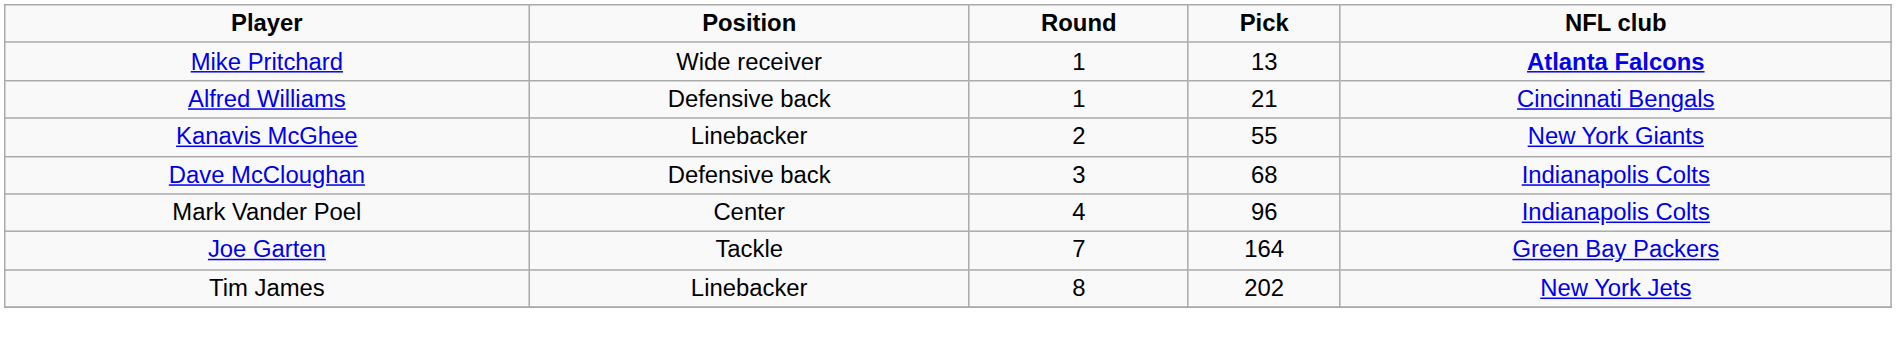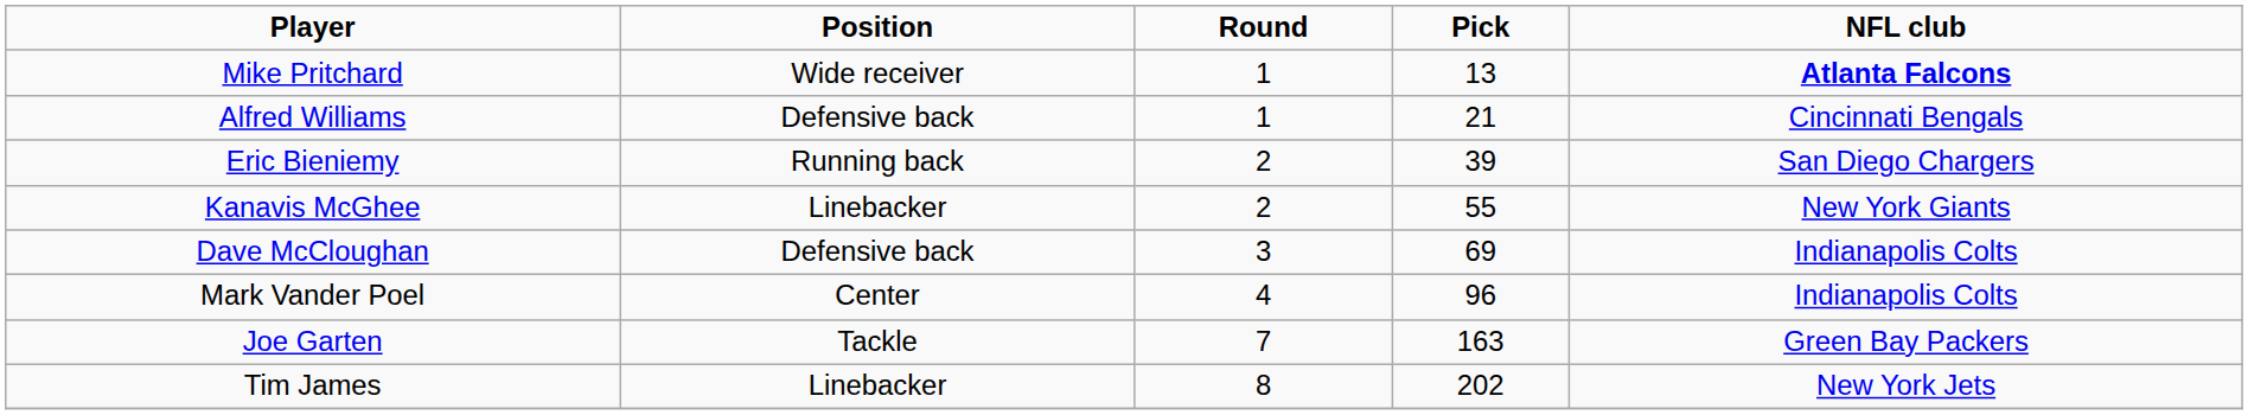 <table class="wikitable" width="80%">
 <tr align="center">
 <td><strong>Player</strong></td>
 <td><strong>Position</strong></td>
 <td><strong>Round</strong></td>
 <td><strong>Pick</strong></td>
 <td><strong>NFL club</strong></td>
 </tr>
 <tr align="center" bgcolor="">
 <td><a href='#'>Mike Pritchard</a></td>
 <td>Wide receiver</td>
 <td>1</td>
 <td>13</td>
 <td><strong><a href='#'>Atlanta Falcons</a></strong></td>
 </tr>
 <tr align="center" bgcolor="">
 <td><a href='#'>Alfred Williams</a></td>
 <td>Defensive back</td>
 <td>1</td>
 <td>21</td>
 <td><a href='#'>Cincinnati Bengals</a></td>
 </tr>
 <tr align="center" bgcolor="">
+<td><a href='#'>Eric Bieniemy</a></td>
+<td>Running back</td>
+<td>2</td>
+<td>39</td>
+<td><a href='#'>San Diego Chargers</a></td>
+</tr>
+<tr align="center" bgcolor="">
 <td><a href='#'>Kanavis McGhee</a></td>
 <td>Linebacker</td>
 <td>2</td>
 <td>55</td>
 <td><a href='#'>New York Giants</a></td>
 </tr>
 <tr align="center" bgcolor="">
 <td><a href='#'>Dave McCloughan</a></td>
 <td>Defensive back</td>
 <td>3</td>
-<td>68</td>
+<td>69</td>
 <td><a href='#'>Indianapolis Colts</a></td>
 </tr>
 <tr align="center" bgcolor="">
 <td>Mark Vander Poel</td>
 <td>Center</td>
 <td>4</td>
 <td>96</td>
 <td><a href='#'>Indianapolis Colts</a></td>
 </tr>
 <tr align="center" bgcolor="">
 <td><a href='#'>Joe Garten</a></td>
 <td>Tackle</td>
 <td>7</td>
-<td>164</td>
+<td>163</td>
 <td><a href='#'>Green Bay Packers</a></td>
 </tr>
 <tr align="center" bgcolor="">
 <td>Tim James</td>
 <td>Linebacker</td>
 <td>8</td>
 <td>202</td>
 <td><a href='#'>New York Jets</a></td>
 </tr>
 <tr align="center" bgcolor="">
 </tr>
 </table>
